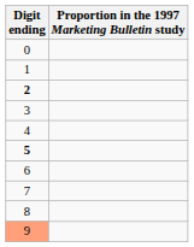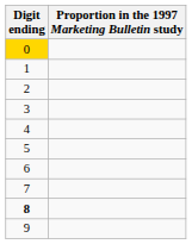 <table class="wikitable infobox" style="margin:0 0 0 8px;">
 <tr>
 <th>Digit<br>ending</th>
 <th colspan="2">Proportion in the 1997<br><em>Marketing Bulletin</em> study</th>
 </tr>
 <tr>
-<td align="center">0</td>
+<td align="center" style="background: gold;">0</td>
 <td align="right"></td>
 </tr>
 <tr>
 <td align="center">1</td>
 <td align="right"></td>
 </tr>
 <tr>
-<td align="center"><strong>2</strong></td>
+<td align="center">2</td>
 <td align="right"></td>
 </tr>
 <tr>
 <td align="center">3</td>
 <td align="right"></td>
 </tr>
 <tr>
 <td align="center">4</td>
 <td align="right"></td>
 </tr>
 <tr>
-<td align="center"><strong>5</strong></td>
+<td align="center">5</td>
 <td align="right"></td>
 </tr>
 <tr>
 <td align="center">6</td>
 <td align="right"></td>
 </tr>
 <tr>
 <td align="center">7</td>
 <td align="right"></td>
 </tr>
 <tr>
-<td align="center">8</td>
+<td align="center"><strong>8</strong></td>
 <td align="right"></td>
 </tr>
 <tr>
-<td align="center" style="background: lightsalmon;">9</td>
+<td align="center">9</td>
 <td align="right"></td>
 </tr>
 </table>
